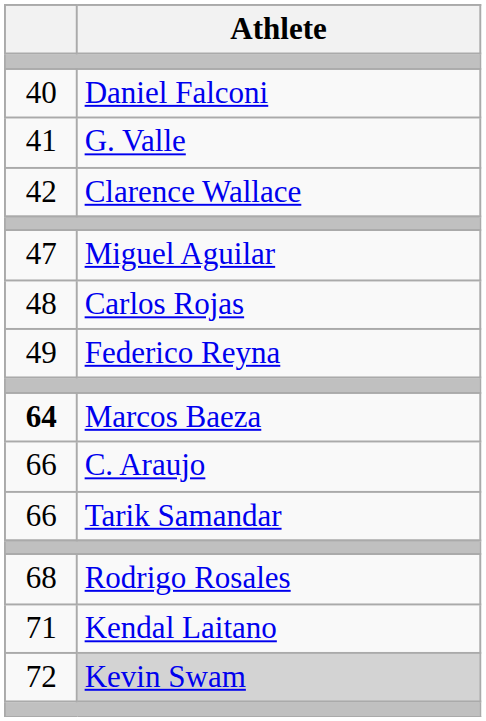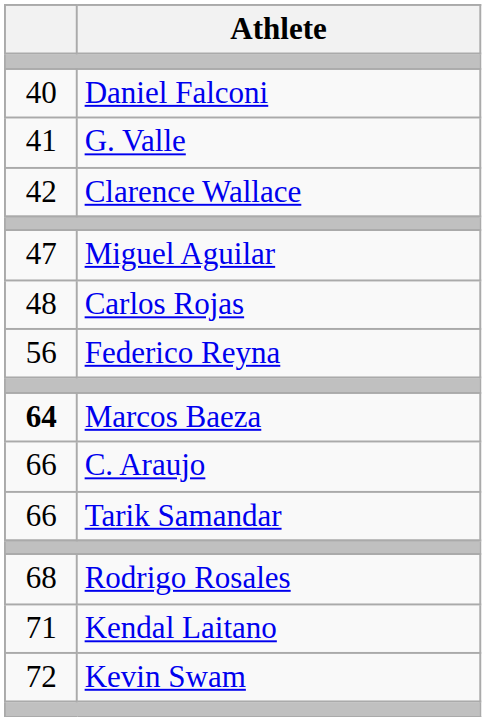 <table class="wikitable">
 <tr>
 <th width="30"></th>
 <th width="200">Athlete</th>
 </tr>
 <tr bgcolor="C0C0C0">
 <td colspan=2></td>
 </tr>
 <tr>
 <td align="center">40</td>
 <td> <a href='#'>Daniel Falconi</a></td>
 </tr>
 <tr>
 <td align="center">41</td>
 <td> <a href='#'>G. Valle</a></td>
 </tr>
 <tr>
 <td align="center">42</td>
 <td> <a href='#'>Clarence Wallace</a></td>
 </tr>
 <tr bgcolor="C0C0C0">
 <td colspan=2></td>
 </tr>
 <tr>
 <td align="center">47</td>
 <td> <a href='#'>Miguel Aguilar</a></td>
 </tr>
 <tr>
 <td align="center">48</td>
 <td> <a href='#'>Carlos Rojas</a></td>
 </tr>
 <tr>
-<td align="center">49</td>
+<td align="center">56</td>
 <td> <a href='#'>Federico Reyna</a></td>
 </tr>
 <tr bgcolor="C0C0C0">
 <td colspan=2></td>
 </tr>
 <tr>
 <td align="center"><strong>64</strong></td>
 <td> <a href='#'>Marcos Baeza</a></td>
 </tr>
 <tr>
 <td align="center">66</td>
 <td> <a href='#'>C. Araujo</a></td>
 </tr>
 <tr>
 <td align="center">66</td>
 <td> <a href='#'>Tarik Samandar</a></td>
 </tr>
 <tr bgcolor="C0C0C0">
 <td colspan=2></td>
 </tr>
 <tr>
 <td align="center">68</td>
 <td> <a href='#'>Rodrigo Rosales</a></td>
 </tr>
 <tr>
 <td align="center">71</td>
 <td> <a href='#'>Kendal Laitano</a></td>
 </tr>
 <tr>
 <td align="center">72</td>
-<td style="background: lightgrey;"> <a href='#'>Kevin Swam</a></td>
+<td> <a href='#'>Kevin Swam</a></td>
 </tr>
 <tr bgcolor="C0C0C0">
 <td colspan=2></td>
 </tr>
 </table>
